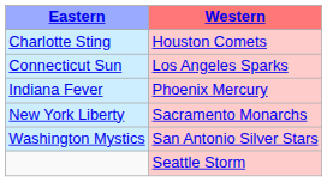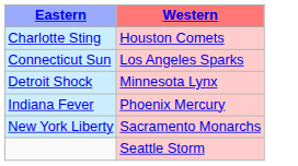 <table class="wikitable">
 <tr>
 <th style="background-color: #9AF;"><a href='#'>Eastern</a></th>
 <th style="background-color: #F77;"><a href='#'>Western</a></th>
 </tr>
 <tr>
 <td style="background-color: #CEF;"><a href='#'>Charlotte Sting</a></td>
 <td style="background-color: #FCC;"><a href='#'>Houston Comets</a></td>
 </tr>
 <tr>
 <td style="background-color: #CEF;"><a href='#'>Connecticut Sun</a></td>
 <td style="background-color: #FCC;"><a href='#'>Los Angeles Sparks</a></td>
 </tr>
 <tr>
+<td style="background-color: #CEF;"><a href='#'>Detroit Shock</a></td>
+<td style="background-color: #FCC;"><a href='#'>Minnesota Lynx</a></td>
+</tr>
+<tr>
 <td style="background-color: #CEF;"><a href='#'>Indiana Fever</a></td>
 <td style="background-color: #FCC;"><a href='#'>Phoenix Mercury</a></td>
 </tr>
 <tr>
 <td style="background-color: #CEF;"><a href='#'>New York Liberty</a></td>
 <td style="background-color: #FCC;"><a href='#'>Sacramento Monarchs</a></td>
 </tr>
 <tr>
-<td style="background-color: #CEF;"><a href='#'>Washington Mystics</a></td>
-<td style="background-color: #FCC;"><a href='#'>San Antonio Silver Stars</a></td>
-</tr>
-<tr>
 <td></td>
 <td style="background-color: #FCC;"><a href='#'>Seattle Storm</a></td>
 </tr>
 </table>
